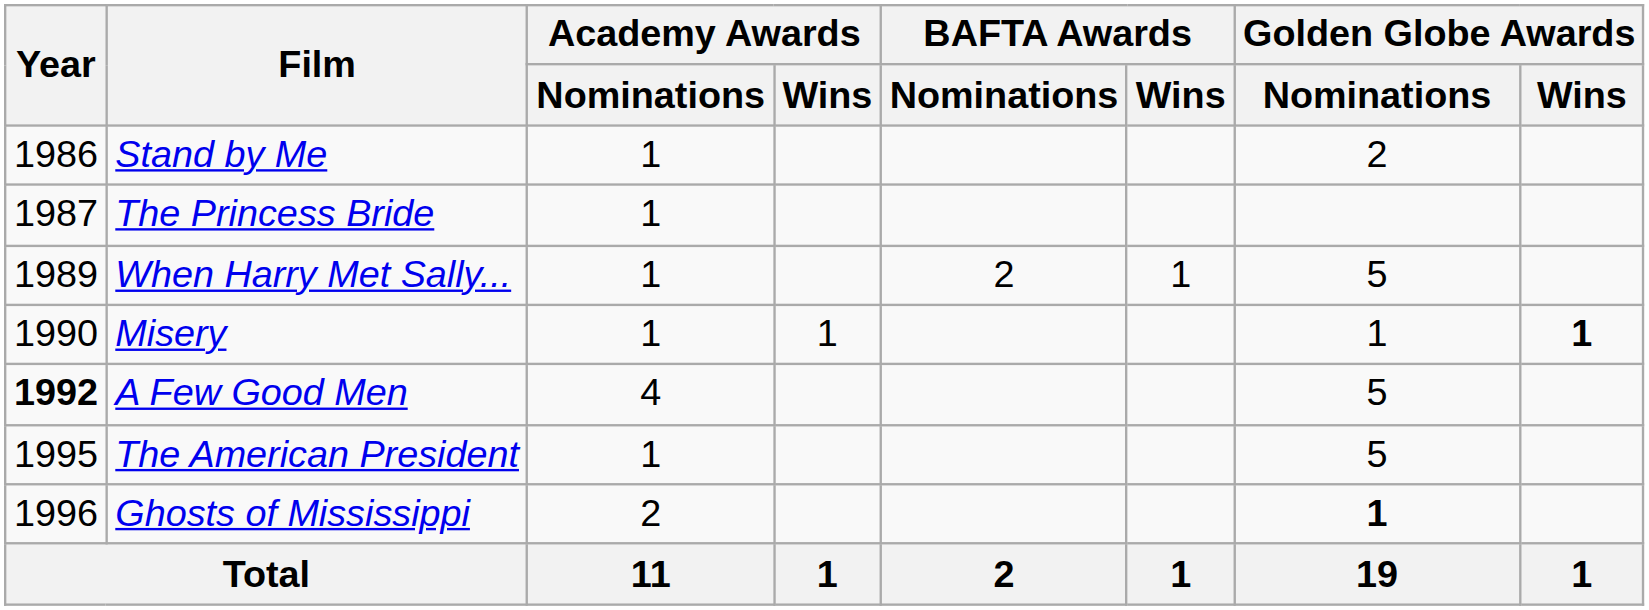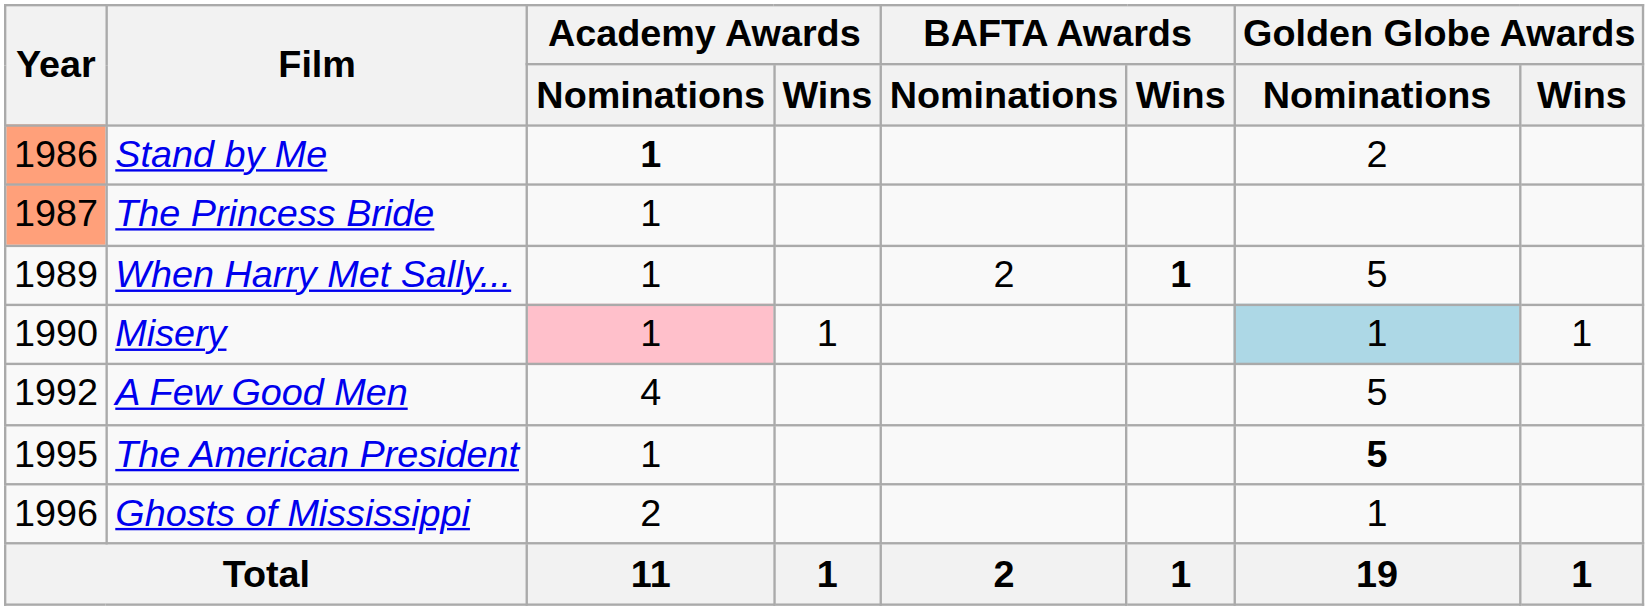 <table class="wikitable sortable">
 <tr>
 <th rowspan="2">Year</th>
 <th rowspan="2">Film</th>
 <th colspan="2" style="text-align:center;">Academy Awards</th>
 <th colspan="2" style="text-align:center;">BAFTA Awards</th>
 <th colspan="2" style="text-align:center;">Golden Globe Awards</th>
 </tr>
 <tr>
 <th>Nominations</th>
 <th>Wins</th>
 <th>Nominations</th>
 <th>Wins</th>
 <th>Nominations</th>
 <th>Wins</th>
 </tr>
 <tr>
-<td>1986</td>
+<td style="background: lightsalmon;">1986</td>
 <td><em><a href='#'>Stand by Me</a></em></td>
-<td align=center>1</td>
+<td align=center><strong>1</strong></td>
 <td></td>
 <td></td>
 <td></td>
 <td align=center>2</td>
 <td></td>
 </tr>
 <tr>
-<td>1987</td>
+<td style="background: lightsalmon;">1987</td>
 <td><em><a href='#'>The Princess Bride</a></em></td>
 <td align=center>1</td>
 <td></td>
 <td></td>
 <td></td>
 <td></td>
 <td></td>
 </tr>
 <tr>
 <td>1989</td>
 <td><em><a href='#'>When Harry Met Sally...</a></em></td>
 <td align=center>1</td>
 <td></td>
 <td align=center>2</td>
-<td align=center>1</td>
+<td align=center><strong>1</strong></td>
 <td align=center>5</td>
 <td></td>
 </tr>
 <tr>
 <td>1990</td>
 <td><em><a href='#'>Misery</a></em></td>
-<td align=center>1</td>
+<td align=center style="background: pink;">1</td>
 <td align=center>1</td>
 <td></td>
 <td></td>
+<td align=center style="background: lightblue;">1</td>
 <td align=center>1</td>
-<td align=center><strong>1</strong></td>
 </tr>
 <tr>
-<td><strong>1992</strong></td>
+<td>1992</td>
 <td><em><a href='#'>A Few Good Men</a></em></td>
 <td align=center>4</td>
 <td></td>
 <td></td>
 <td></td>
 <td align=center>5</td>
 <td></td>
 </tr>
 <tr>
 <td>1995</td>
 <td><em><a href='#'>The American President</a></em></td>
 <td align=center>1</td>
 <td></td>
 <td></td>
 <td></td>
-<td align=center>5</td>
+<td align=center><strong>5</strong></td>
 <td></td>
 </tr>
 <tr>
 <td>1996</td>
 <td><em><a href='#'>Ghosts of Mississippi</a></em></td>
 <td align=center>2</td>
 <td></td>
 <td></td>
 <td></td>
-<td align=center><strong>1</strong></td>
+<td align=center>1</td>
 <td></td>
 </tr>
 <tr>
 <th colspan="2"><strong>Total</strong></th>
 <th align=center>11</th>
 <th align=center>1</th>
 <th align=center>2</th>
 <th align=center>1</th>
 <th align=center>19</th>
 <th align=center>1</th>
 </tr>
 </table>
